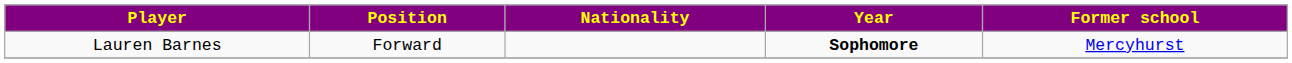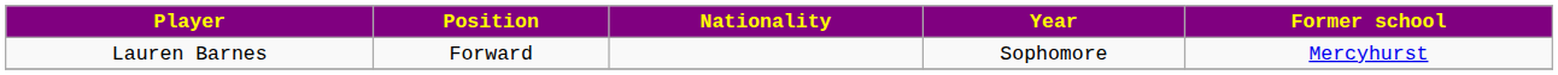 <table class="wikitable" width="80%">
 <tr align="center"  style=" background:purple;color:yellow;">
 <td><strong>Player</strong></td>
 <td><strong>Position</strong></td>
 <td><strong>Nationality</strong></td>
 <td><strong>Year</strong></td>
 <td><strong>Former school</strong></td>
 </tr>
 <tr align="center" bgcolor="">
 <td>Lauren Barnes</td>
 <td>Forward</td>
 <td></td>
-<td><strong>Sophomore</strong></td>
+<td>Sophomore</td>
 <td><a href='#'>Mercyhurst</a></td>
 </tr>
 <tr align="center" bgcolor="">
 </tr>
 </table>
